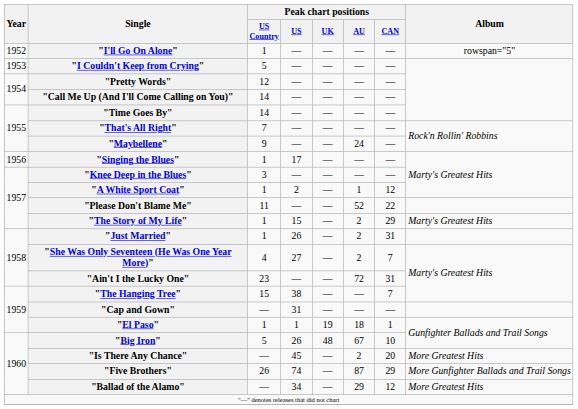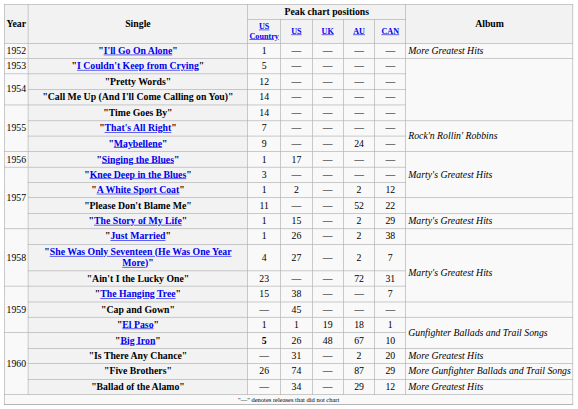 <table class="wikitable plainrowheaders" style="text-align:center;">
 <tr>
 <th rowspan="2">Year</th>
 <th rowspan="2" style="width:22em;">Single</th>
 <th colspan="5">Peak chart positions</th>
 <th rowspan="2">Album</th>
 </tr>
 <tr style="font-size:smaller;">
 <th width="45"><a href='#'>US Country</a><br></th>
 <th width="45"><a href='#'>US</a><br></th>
 <th width="45"><a href='#'>UK</a><br></th>
 <th width="45"><a href='#'>AU</a></th>
 <th width="45"><a href='#'>CAN</a><br></th>
 </tr>
 <tr>
 <td>1952</td>
 <th scope="row">"<a href='#'>I'll Go On Alone</a>"</th>
 <td>1</td>
 <td>—</td>
 <td>—</td>
 <td>—</td>
 <td>—</td>
-<td>rowspan="5" </td>
+<td align="left"><em>More Greatest Hits</em></td>
 </tr>
 <tr>
 <td>1953</td>
 <th scope="row">"<a href='#'>I Couldn't Keep from Crying</a>"</th>
 <td>5</td>
 <td>—</td>
 <td>—</td>
 <td>—</td>
 <td>—</td>
 </tr>
 <tr>
 <td rowspan="2">1954</td>
 <th scope="row">"Pretty Words"</th>
 <td>12</td>
 <td>—</td>
 <td>—</td>
 <td>—</td>
 <td>—</td>
 </tr>
 <tr>
 <th scope="row">"Call Me Up (And I'll Come Calling on You)"</th>
 <td>14</td>
 <td>—</td>
 <td>—</td>
 <td>—</td>
 <td>—</td>
 </tr>
 <tr>
 <td rowspan="3">1955</td>
 <th scope="row">"Time Goes By"</th>
 <td>14</td>
 <td>—</td>
 <td>—</td>
 <td>—</td>
 <td>—</td>
 </tr>
 <tr>
 <th scope="row">"<a href='#'>That's All Right</a>"</th>
 <td>7</td>
 <td>—</td>
 <td>—</td>
 <td>—</td>
 <td>—</td>
 <td rowspan="2" align="left"><em>Rock'n Rollin' Robbins</em></td>
 </tr>
 <tr>
 <th scope="row">"<a href='#'>Maybellene</a>"</th>
 <td>9</td>
 <td>—</td>
 <td>—</td>
 <td>24</td>
 <td>—</td>
 </tr>
 <tr>
 <td>1956</td>
 <th scope="row">"<a href='#'>Singing the Blues</a>"</th>
 <td>1</td>
 <td>17</td>
 <td>—</td>
 <td>—</td>
 <td>—</td>
 <td align="left" rowspan="3"><em>Marty's Greatest Hits</em></td>
 </tr>
 <tr>
 <td rowspan="4">1957</td>
 <th scope="row">"<a href='#'>Knee Deep in the Blues</a>"</th>
 <td>3</td>
 <td>—</td>
 <td>—</td>
 <td>—</td>
 <td>—</td>
 </tr>
 <tr>
 <th scope="row">"<a href='#'>A White Sport Coat</a>"</th>
 <td>1</td>
 <td>2</td>
 <td>—</td>
-<td>1</td>
+<td>2</td>
 <td>12</td>
 </tr>
 <tr>
 <th scope="row">"Please Don't Blame Me"</th>
 <td>11</td>
 <td>—</td>
 <td>—</td>
 <td>52</td>
 <td>22</td>
 <td></td>
 </tr>
 <tr>
 <th scope="row">"<a href='#'>The Story of My Life</a>"</th>
 <td>1</td>
 <td>15</td>
 <td>—</td>
 <td>2</td>
 <td>29</td>
 <td align="left"><em>Marty's Greatest Hits</em></td>
 </tr>
 <tr>
 <td rowspan="3">1958</td>
 <th scope="row">"<a href='#'>Just Married</a>"</th>
 <td>1</td>
 <td>26</td>
 <td>—</td>
 <td>2</td>
-<td>31</td>
+<td>38</td>
 <td></td>
 </tr>
 <tr>
 <th scope="row">"<a href='#'>She Was Only Seventeen (He Was One Year More)</a>"</th>
 <td>4</td>
 <td>27</td>
 <td>—</td>
 <td>2</td>
 <td>7</td>
 <td align="left" rowspan="3"><em>Marty's Greatest Hits</em></td>
 </tr>
 <tr>
 <th scope="row">"Ain't I the Lucky One"</th>
 <td>23</td>
 <td>—</td>
 <td>—</td>
 <td>72</td>
 <td>31</td>
 </tr>
 <tr>
 <td rowspan="3">1959</td>
 <th scope="row">"<a href='#'>The Hanging Tree</a>"</th>
 <td>15</td>
 <td>38</td>
 <td>—</td>
 <td>—</td>
 <td>7</td>
 </tr>
 <tr>
 <th scope="row">"Cap and Gown"</th>
 <td>—</td>
-<td>31</td>
+<td>45</td>
 <td>—</td>
 <td>—</td>
 <td>—</td>
 <td></td>
 </tr>
 <tr>
 <th scope="row">"<a href='#'>El Paso</a>"</th>
 <td>1</td>
 <td>1</td>
 <td>19</td>
 <td>18</td>
 <td>1</td>
 <td align="left" rowspan="2"><em>Gunfighter Ballads and Trail Songs</em></td>
 </tr>
 <tr>
 <td rowspan="4">1960</td>
 <th scope="row">"<a href='#'>Big Iron</a>"</th>
-<td>5</td>
+<td><strong>5</strong></td>
 <td>26</td>
 <td>48</td>
 <td>67</td>
 <td>10</td>
 </tr>
 <tr>
 <th scope="row">"Is There Any Chance"</th>
 <td>—</td>
-<td>45</td>
+<td>31</td>
 <td>—</td>
 <td>2</td>
 <td>20</td>
 <td align="left"><em>More Greatest Hits</em></td>
 </tr>
 <tr>
 <th scope="row">"Five Brothers"</th>
 <td>26</td>
 <td>74</td>
 <td>—</td>
 <td>87</td>
 <td>29</td>
 <td align="left"><em>More Gunfighter Ballads and Trail Songs</em></td>
 </tr>
 <tr>
 <th scope="row">"Ballad of the Alamo"</th>
 <td>—</td>
 <td>34</td>
 <td>—</td>
 <td>29</td>
 <td>12</td>
 <td align="left"><em>More Greatest Hits</em></td>
 </tr>
 <tr>
 <td colspan="10" style="font-size:8pt">"—" denotes releases that did not chart</td>
 </tr>
 <tr>
 </tr>
 </table>
